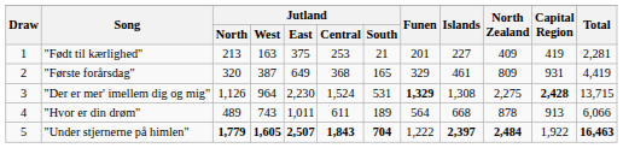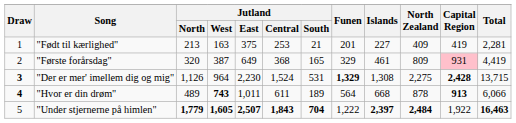 <table class="wikitable collapsible" style="margin: 1em auto 1em auto; text-align:center;">
 <tr>
 </tr>
 <tr>
 <th rowspan="2">Draw</th>
 <th rowspan="2">Song</th>
 <th colspan="5">Jutland</th>
 <th rowspan="2">Funen</th>
 <th rowspan="2">Islands</th>
 <th rowspan="2">North<br>Zealand</th>
 <th rowspan="2">Capital<br>Region</th>
 <th rowspan="2">Total</th>
 </tr>
 <tr>
 <th>North</th>
 <th>West</th>
 <th>East</th>
 <th>Central</th>
 <th>South</th>
 </tr>
 <tr>
 <td>1</td>
 <td align="left">"Født til kærlighed"</td>
 <td>213</td>
 <td>163</td>
 <td>375</td>
 <td>253</td>
 <td>21</td>
 <td>201</td>
 <td>227</td>
 <td>409</td>
 <td>419</td>
 <td>2,281</td>
 </tr>
 <tr>
 <td>2</td>
 <td align="left">"Første forårsdag"</td>
 <td>320</td>
 <td>387</td>
 <td>649</td>
 <td>368</td>
 <td>165</td>
 <td>329</td>
 <td>461</td>
 <td>809</td>
-<td>931</td>
+<td style="background: pink;">931</td>
 <td>4,419</td>
 </tr>
 <tr>
-<td>3</td>
+<td><strong>3</strong></td>
 <td align="left">"Der er mer' imellem dig og mig"</td>
 <td>1,126</td>
 <td>964</td>
 <td>2,230</td>
 <td>1,524</td>
 <td>531</td>
 <td><strong>1,329</strong></td>
 <td>1,308</td>
 <td>2,275</td>
 <td><strong>2,428</strong></td>
 <td>13,715</td>
 </tr>
 <tr>
-<td>4</td>
+<td><strong>4</strong></td>
 <td align="left">"Hvor er din drøm"</td>
 <td>489</td>
-<td>743</td>
+<td><strong>743</strong></td>
 <td>1,011</td>
 <td>611</td>
 <td>189</td>
 <td>564</td>
 <td>668</td>
 <td>878</td>
-<td>913</td>
+<td><strong>913</strong></td>
 <td>6,066</td>
 </tr>
 <tr>
 <td>5</td>
 <td align="left">"Under stjernerne på himlen"</td>
 <td><strong>1,779</strong></td>
 <td><strong>1,605</strong></td>
 <td><strong>2,507</strong></td>
 <td><strong>1,843</strong></td>
 <td><strong>704</strong></td>
 <td>1,222</td>
 <td><strong>2,397</strong></td>
 <td><strong>2,484</strong></td>
 <td>1,922</td>
 <td><strong>16,463</strong></td>
 </tr>
 </table>
